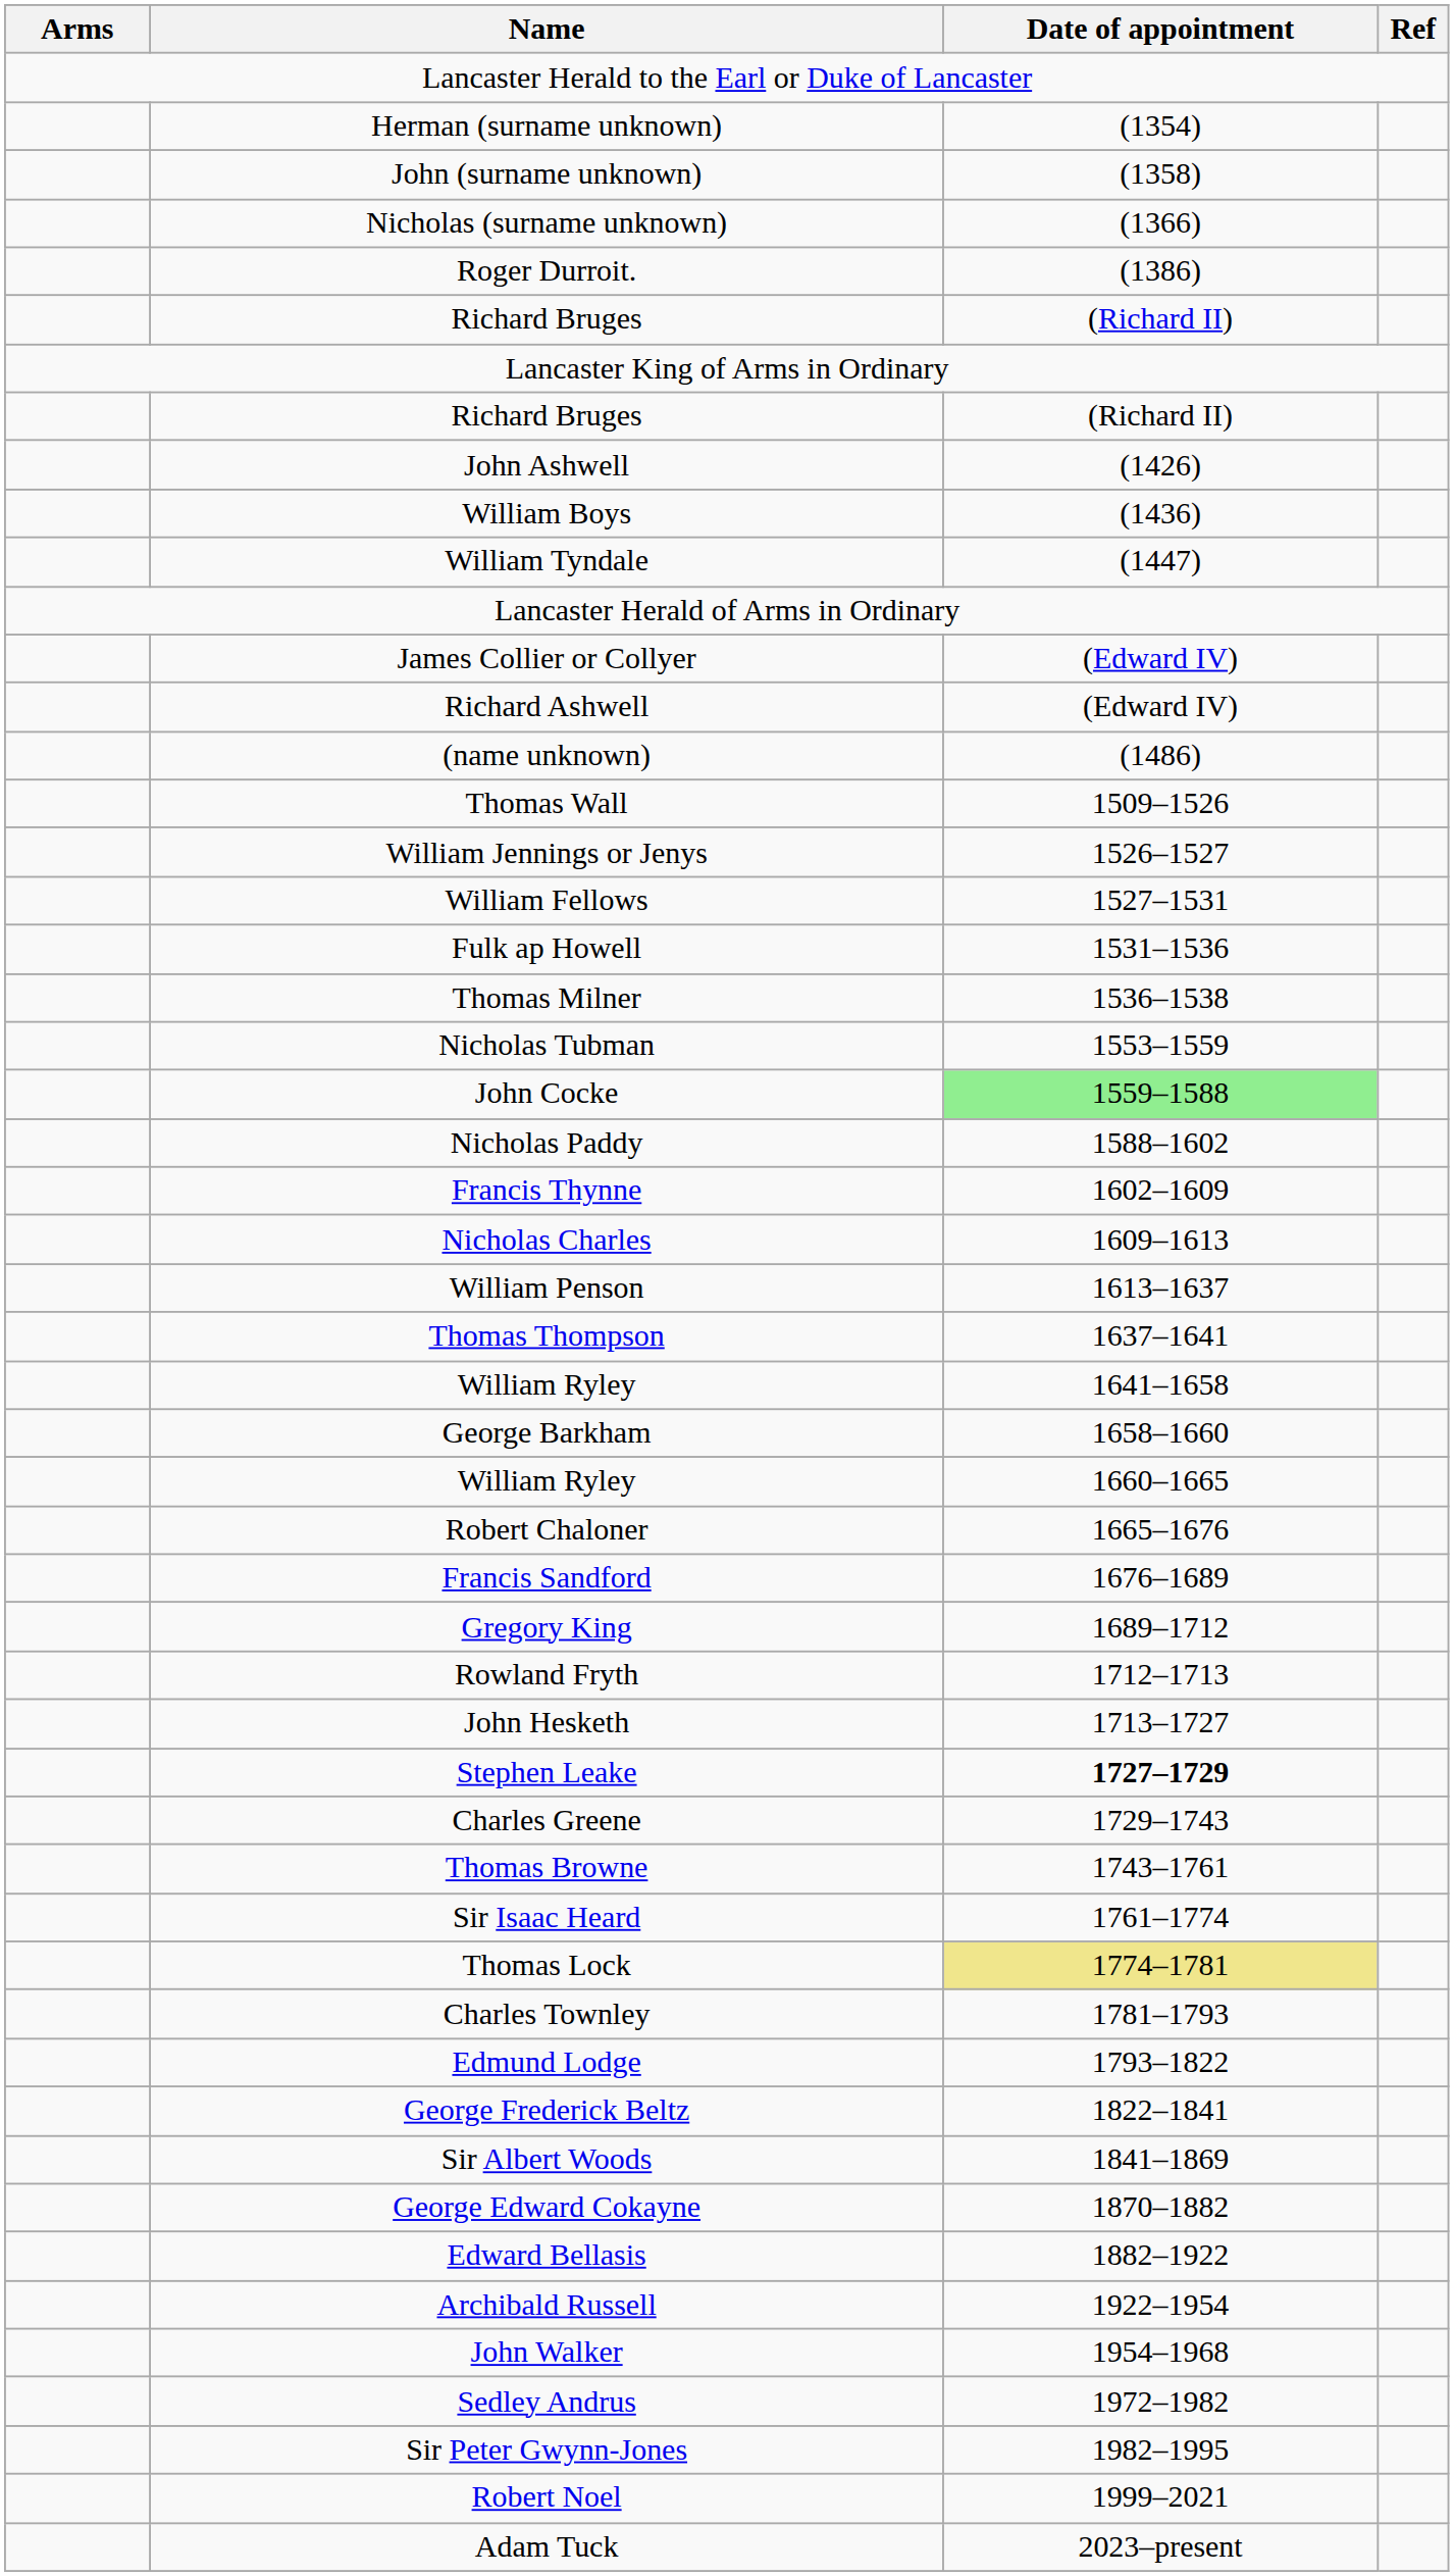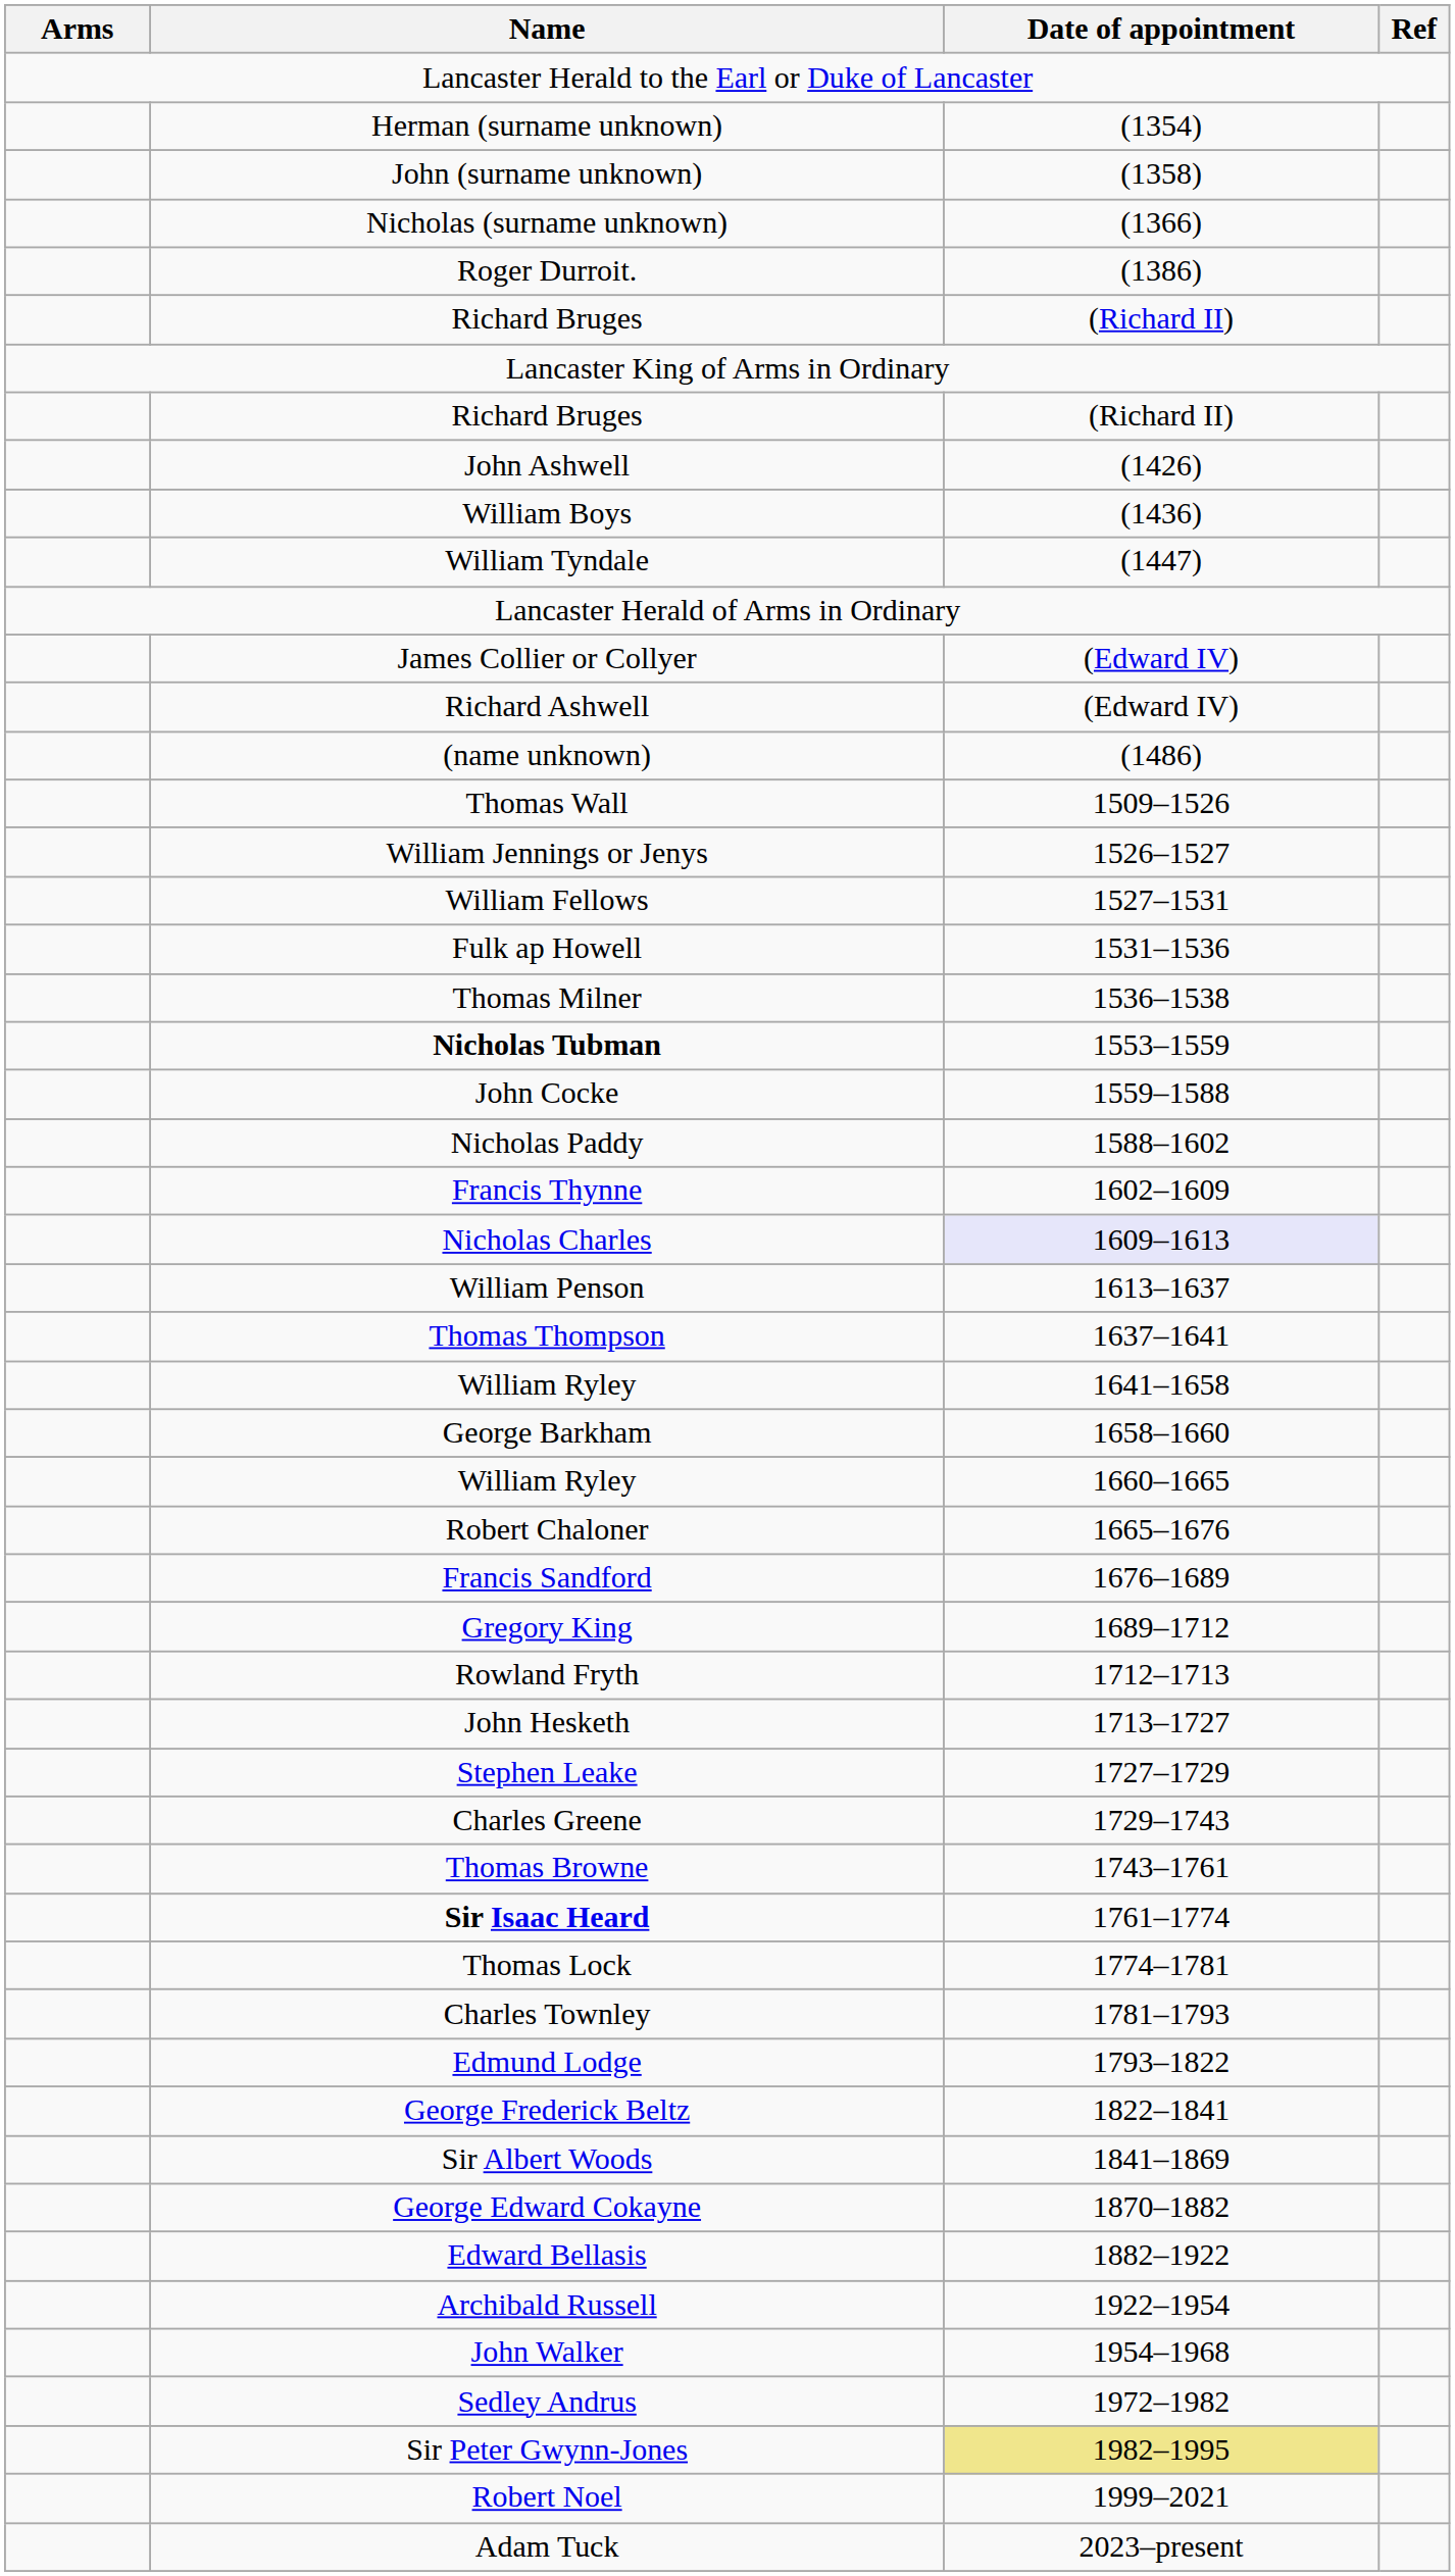 <table class="wikitable" style="text-align:center; width:60%">
 <tr>
 <th>Arms</th>
 <th style="width:55%">Name</th>
 <th style="width:30%">Date of appointment</th>
 <th style="width:5%">Ref</th>
 </tr>
 <tr>
 <td colspan="5" align="center">Lancaster Herald to the <a href='#'>Earl</a> or <a href='#'>Duke of Lancaster</a></td>
 </tr>
 <tr>
 <td></td>
 <td>Herman (surname unknown)</td>
 <td>(1354)</td>
 <td></td>
 </tr>
 <tr>
 <td></td>
 <td>John (surname unknown)</td>
 <td>(1358)</td>
 <td></td>
 </tr>
 <tr>
 <td></td>
 <td>Nicholas (surname unknown)</td>
 <td>(1366)</td>
 <td></td>
 </tr>
 <tr>
 <td></td>
 <td>Roger Durroit.</td>
 <td>(1386)</td>
 <td></td>
 </tr>
 <tr>
 <td></td>
 <td>Richard Bruges</td>
 <td>(<a href='#'>Richard II</a>)</td>
 <td></td>
 </tr>
 <tr>
 <td colspan="5" align="center">Lancaster King of Arms in Ordinary</td>
 </tr>
 <tr>
 <td></td>
 <td>Richard Bruges</td>
 <td>(Richard II)</td>
 <td></td>
 </tr>
 <tr>
 <td></td>
 <td>John Ashwell</td>
 <td>(1426)</td>
 <td></td>
 </tr>
 <tr>
 <td></td>
 <td>William Boys</td>
 <td>(1436)</td>
 <td></td>
 </tr>
 <tr>
 <td></td>
 <td>William Tyndale</td>
 <td>(1447)</td>
 <td></td>
 </tr>
 <tr>
 <td colspan="5" align="center">Lancaster Herald of Arms in Ordinary</td>
 </tr>
 <tr>
 <td></td>
 <td>James Collier or Collyer</td>
 <td>(<a href='#'>Edward IV</a>)</td>
 <td></td>
 </tr>
 <tr>
 <td></td>
 <td>Richard Ashwell</td>
 <td>(Edward IV)</td>
 <td></td>
 </tr>
 <tr>
 <td></td>
 <td>(name unknown)</td>
 <td>(1486)</td>
 <td></td>
 </tr>
 <tr>
 <td></td>
 <td>Thomas Wall</td>
 <td>1509–1526</td>
 <td></td>
 </tr>
 <tr>
 <td></td>
 <td>William Jennings or Jenys</td>
 <td>1526–1527</td>
 <td></td>
 </tr>
 <tr>
 <td></td>
 <td>William Fellows</td>
 <td>1527–1531</td>
 <td></td>
 </tr>
 <tr>
 <td></td>
 <td>Fulk ap Howell</td>
 <td>1531–1536</td>
 <td></td>
 </tr>
 <tr>
 <td></td>
 <td>Thomas Milner</td>
 <td>1536–1538</td>
 <td></td>
 </tr>
 <tr>
 <td></td>
-<td>Nicholas Tubman</td>
+<td><strong>Nicholas Tubman</strong></td>
 <td>1553–1559</td>
 <td></td>
 </tr>
 <tr>
 <td></td>
 <td>John Cocke</td>
-<td style="background: lightgreen;">1559–1588</td>
+<td>1559–1588</td>
 <td></td>
 </tr>
 <tr>
 <td></td>
 <td>Nicholas Paddy</td>
 <td>1588–1602</td>
 <td></td>
 </tr>
 <tr>
 <td></td>
 <td><a href='#'>Francis Thynne</a></td>
 <td>1602–1609</td>
 <td></td>
 </tr>
 <tr>
 <td></td>
 <td><a href='#'>Nicholas Charles</a></td>
-<td>1609–1613</td>
+<td style="background: lavender;">1609–1613</td>
 <td></td>
 </tr>
 <tr>
 <td></td>
 <td>William Penson</td>
 <td>1613–1637</td>
 <td></td>
 </tr>
 <tr>
 <td></td>
 <td><a href='#'>Thomas Thompson</a></td>
 <td>1637–1641</td>
 <td></td>
 </tr>
 <tr>
 <td></td>
 <td>William Ryley</td>
 <td>1641–1658</td>
 <td></td>
 </tr>
 <tr>
 <td></td>
 <td>George Barkham</td>
 <td>1658–1660</td>
 <td></td>
 </tr>
 <tr>
 <td></td>
 <td>William Ryley</td>
 <td>1660–1665</td>
 <td></td>
 </tr>
 <tr>
 <td></td>
 <td>Robert Chaloner</td>
 <td>1665–1676</td>
 <td></td>
 </tr>
 <tr>
 <td></td>
 <td><a href='#'>Francis Sandford</a></td>
 <td>1676–1689</td>
 <td></td>
 </tr>
 <tr>
 <td></td>
 <td><a href='#'>Gregory King</a></td>
 <td>1689–1712</td>
 <td></td>
 </tr>
 <tr>
 <td></td>
 <td>Rowland Fryth</td>
 <td>1712–1713</td>
 <td></td>
 </tr>
 <tr>
 <td></td>
 <td>John Hesketh</td>
 <td>1713–1727</td>
 <td></td>
 </tr>
 <tr>
 <td></td>
 <td><a href='#'>Stephen Leake</a></td>
-<td><strong>1727–1729</strong></td>
+<td>1727–1729</td>
 <td></td>
 </tr>
 <tr>
 <td></td>
 <td>Charles Greene</td>
 <td>1729–1743</td>
 <td></td>
 </tr>
 <tr>
 <td></td>
 <td><a href='#'>Thomas Browne</a></td>
 <td>1743–1761</td>
 <td></td>
 </tr>
 <tr>
 <td></td>
-<td>Sir <a href='#'>Isaac Heard</a></td>
+<td><strong>Sir <a href='#'>Isaac Heard</a></strong></td>
 <td>1761–1774</td>
 <td></td>
 </tr>
 <tr>
 <td></td>
 <td>Thomas Lock</td>
-<td style="background: khaki;">1774–1781</td>
+<td>1774–1781</td>
 <td></td>
 </tr>
 <tr>
 <td></td>
 <td>Charles Townley</td>
 <td>1781–1793</td>
 <td></td>
 </tr>
 <tr>
 <td></td>
 <td><a href='#'>Edmund Lodge</a></td>
 <td>1793–1822</td>
 <td></td>
 </tr>
 <tr>
 <td></td>
 <td><a href='#'>George Frederick Beltz</a></td>
 <td>1822–1841</td>
 <td></td>
 </tr>
 <tr>
 <td></td>
 <td>Sir <a href='#'>Albert Woods</a></td>
 <td>1841–1869</td>
 <td></td>
 </tr>
 <tr>
 <td></td>
 <td><a href='#'>George Edward Cokayne</a></td>
 <td>1870–1882</td>
 <td></td>
 </tr>
 <tr>
 <td></td>
 <td><a href='#'>Edward Bellasis</a></td>
 <td>1882–1922</td>
 <td></td>
 </tr>
 <tr>
 <td></td>
 <td><a href='#'>Archibald Russell</a></td>
 <td>1922–1954</td>
 <td></td>
 </tr>
 <tr>
 <td></td>
 <td><a href='#'>John Walker</a></td>
 <td>1954–1968</td>
 <td></td>
 </tr>
 <tr>
 <td></td>
 <td><a href='#'>Sedley Andrus</a></td>
 <td>1972–1982</td>
 <td></td>
 </tr>
 <tr>
 <td></td>
 <td>Sir <a href='#'>Peter Gwynn-Jones</a></td>
-<td>1982–1995</td>
+<td style="background: khaki;">1982–1995</td>
 <td></td>
 </tr>
 <tr>
 <td></td>
 <td><a href='#'>Robert Noel</a></td>
 <td>1999–2021</td>
 <td></td>
 </tr>
 <tr>
 <td></td>
 <td>Adam Tuck</td>
 <td>2023–present</td>
 <td></td>
 </tr>
 </table>
